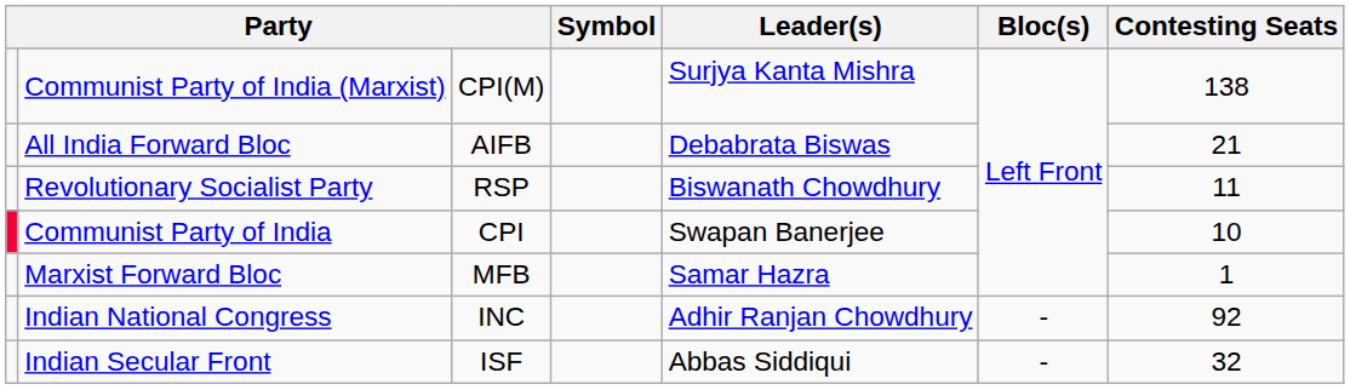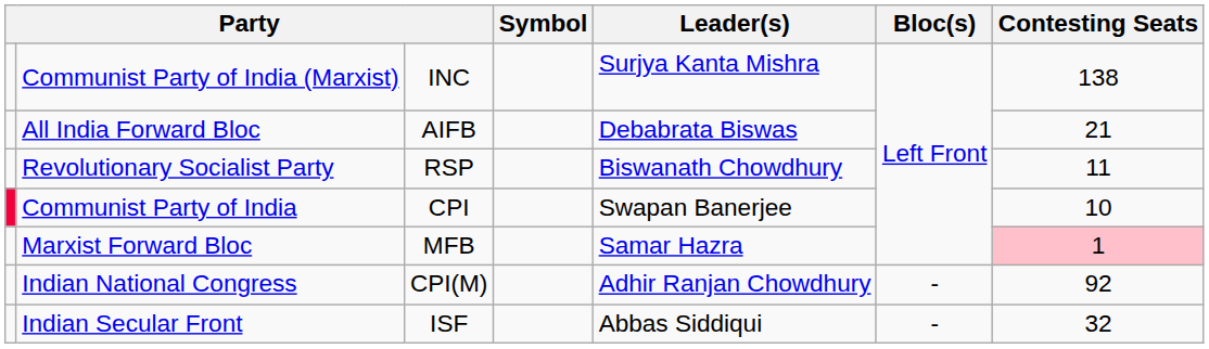 <table class="wikitable">
 <tr>
 <th colspan="3">Party</th>
 <th>Symbol</th>
 <th>Leader(s)</th>
 <th>Bloc(s)</th>
 <th>Contesting Seats</th>
 </tr>
 <tr>
 <td></td>
 <td><a href='#'>Communist Party of India (Marxist)</a></td>
-<td style="text-align:center">CPI(M)</td>
+<td style="text-align:center">INC</td>
 <td></td>
 <td><a href='#'>Surjya Kanta Mishra</a><br><br></td>
 <td rowspan="5" style="text-align:center"><a href='#'>Left Front</a></td>
 <td style="text-align:center">138</td>
 </tr>
 <tr>
 <td></td>
 <td><a href='#'>All India Forward Bloc</a></td>
 <td style="text-align:center">AIFB</td>
 <td></td>
 <td><a href='#'>Debabrata Biswas</a></td>
 <td style="text-align:center">21</td>
 </tr>
 <tr>
 <td></td>
 <td><a href='#'>Revolutionary Socialist Party</a></td>
 <td style="text-align:center">RSP</td>
 <td></td>
 <td><a href='#'>Biswanath Chowdhury</a></td>
 <td style="text-align:center">11</td>
 </tr>
 <tr>
 <td bgcolor="#F2003C"></td>
 <td><a href='#'>Communist Party of India</a></td>
 <td style="text-align:center">CPI</td>
 <td></td>
 <td>Swapan Banerjee</td>
 <td style="text-align:center">10</td>
 </tr>
 <tr>
 <td></td>
 <td><a href='#'>Marxist Forward Bloc</a></td>
 <td style="text-align:center">MFB</td>
 <td></td>
 <td><a href='#'>Samar Hazra</a></td>
-<td style="text-align:center">1</td>
+<td style="background: pink; text-align:center">1</td>
 </tr>
 <tr>
 <td></td>
 <td><a href='#'>Indian National Congress</a></td>
-<td style="text-align:center">INC</td>
+<td style="text-align:center">CPI(M)</td>
 <td></td>
 <td><a href='#'>Adhir Ranjan Chowdhury</a></td>
 <td style="text-align:center">-</td>
 <td style="text-align:center">92</td>
 </tr>
 <tr>
 <td bgcolor=></td>
 <td><a href='#'>Indian Secular Front</a></td>
 <td style="text-align:center">ISF</td>
 <td></td>
 <td>Abbas Siddiqui</td>
 <td style="text-align:center">-</td>
 <td style="text-align:center">32</td>
 </tr>
 </table>
